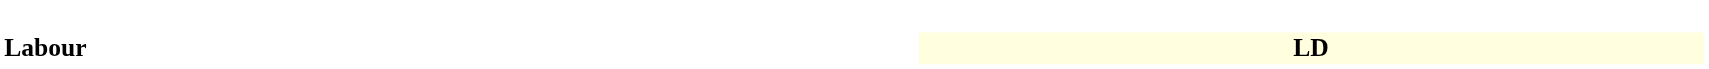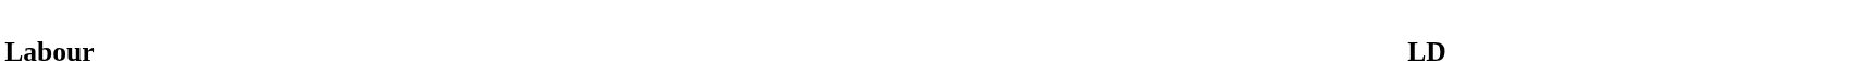 <table style="width:100%; text-align:center;">
 <tr style="color:white;">
 <td style="background:"><strong>94</strong></td>
 <td style="background:"><strong>2</strong></td>
 </tr>
 <tr>
 <td><span><strong>Labour</strong></span></td>
-<td style="background: lightyellow;"><span><strong>LD</strong></span></td>
+<td><span><strong>LD</strong></span></td>
 </tr>
 </table>
